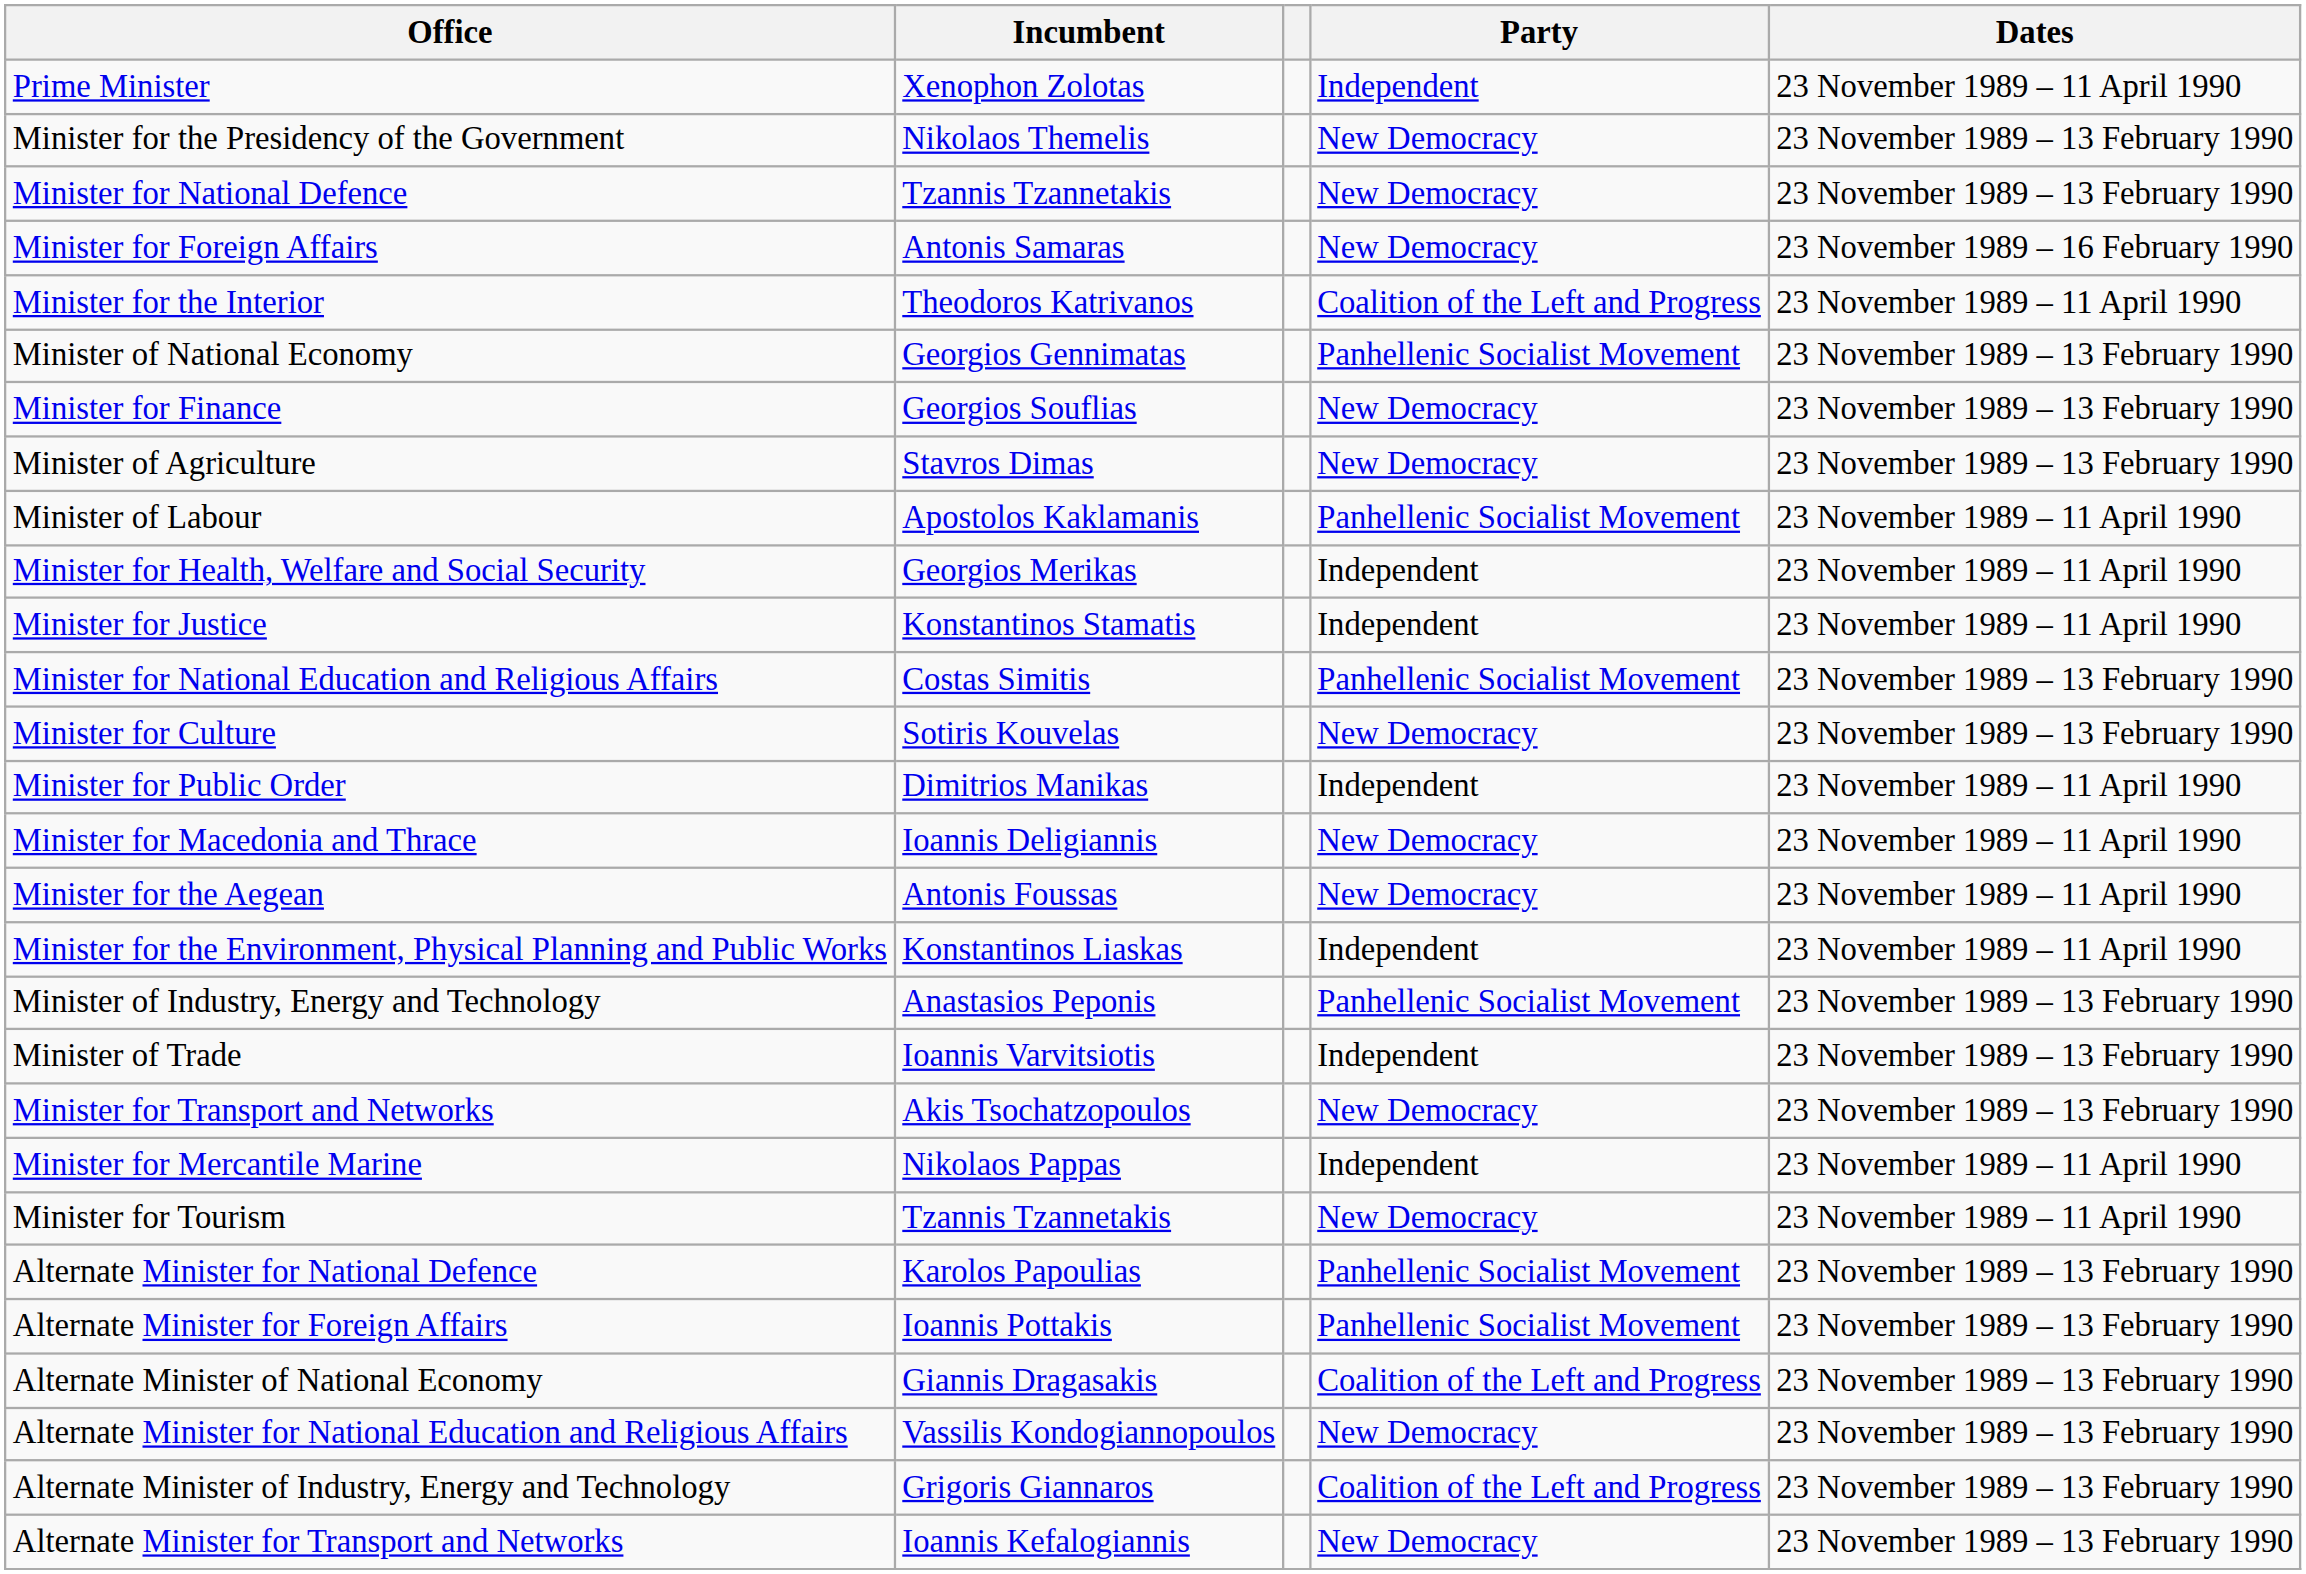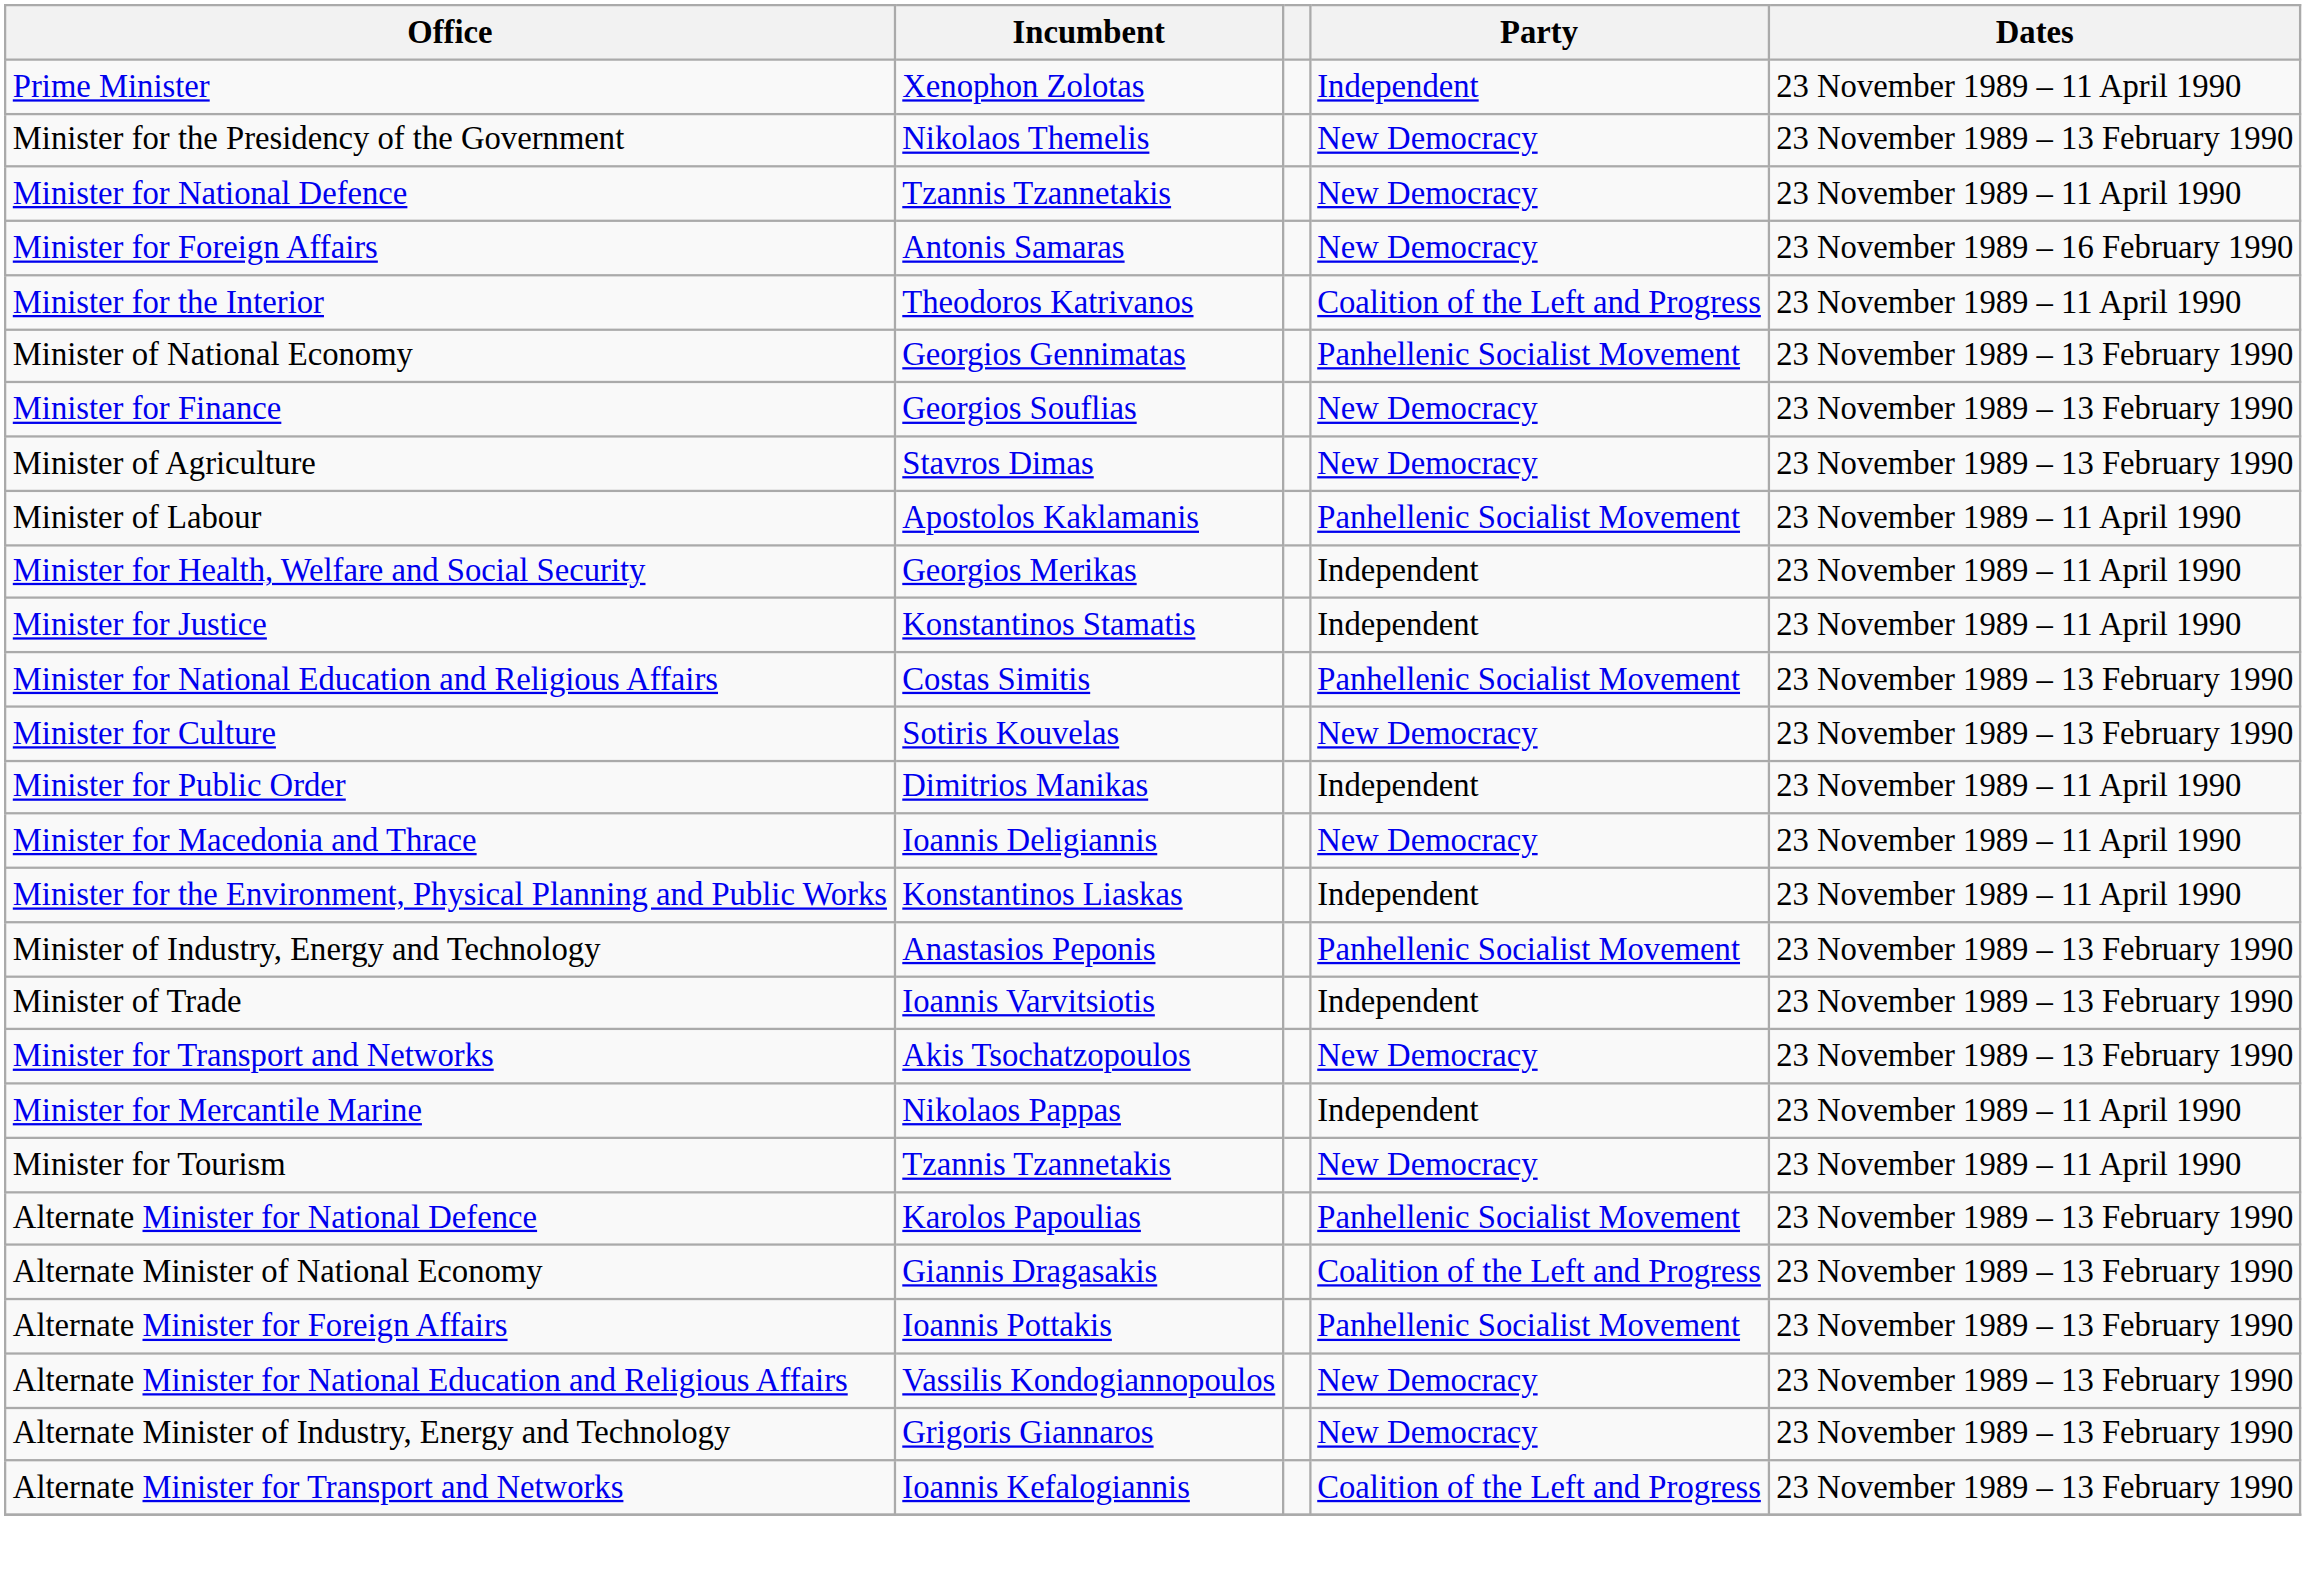 <table class="wikitable" style="font-size: 90%;">
 <tr>
 <th>Office</th>
 <th>Incumbent</th>
 <th></th>
 <th>Party</th>
 <th>Dates</th>
 </tr>
 <tr>
 <td><a href='#'>Prime Minister</a></td>
 <td><a href='#'>Xenophon Zolotas</a></td>
 <td width=5px style="background-color: "></td>
 <td><a href='#'>Independent</a></td>
 <td>23 November 1989 – 11 April 1990</td>
 </tr>
 <tr>
 <td>Minister for the Presidency of the Government</td>
 <td><a href='#'>Nikolaos Themelis</a></td>
 <td style="background-color: "></td>
 <td><a href='#'>New Democracy</a></td>
 <td>23 November 1989 – 13 February 1990</td>
 </tr>
 <tr>
 <td><a href='#'>Minister for National Defence</a></td>
 <td><a href='#'>Tzannis Tzannetakis</a></td>
 <td style="background-color: "></td>
 <td><a href='#'>New Democracy</a></td>
-<td>23 November 1989 – 13 February 1990</td>
+<td>23 November 1989 – 11 April 1990</td>
 </tr>
 <tr>
 <td><a href='#'>Minister for Foreign Affairs</a></td>
 <td><a href='#'>Antonis Samaras</a></td>
 <td style="background-color: "></td>
 <td><a href='#'>New Democracy</a></td>
 <td>23 November 1989 – 16 February 1990</td>
 </tr>
 <tr>
 <td><a href='#'>Minister for the Interior</a></td>
 <td><a href='#'>Theodoros Katrivanos</a></td>
 <td style="background-color: "></td>
 <td><a href='#'>Coalition of the Left and Progress</a></td>
 <td>23 November 1989 – 11 April 1990</td>
 </tr>
 <tr>
 <td>Minister of National Economy</td>
 <td><a href='#'>Georgios Gennimatas</a></td>
 <td style="background-color: "></td>
 <td><a href='#'>Panhellenic Socialist Movement</a></td>
 <td>23 November 1989 – 13 February 1990</td>
 </tr>
 <tr>
 <td><a href='#'>Minister for Finance</a></td>
 <td><a href='#'>Georgios Souflias</a></td>
 <td style="background-color: "></td>
 <td><a href='#'>New Democracy</a></td>
 <td>23 November 1989 – 13 February 1990</td>
 </tr>
 <tr>
 <td>Minister of Agriculture</td>
 <td><a href='#'>Stavros Dimas</a></td>
 <td style="background-color: "></td>
 <td><a href='#'>New Democracy</a></td>
 <td>23 November 1989 – 13 February 1990</td>
 </tr>
 <tr>
 <td>Minister of Labour</td>
 <td><a href='#'>Apostolos Kaklamanis</a></td>
 <td style="background-color: "></td>
 <td><a href='#'>Panhellenic Socialist Movement</a></td>
 <td>23 November 1989 – 11 April 1990</td>
 </tr>
 <tr>
 <td><a href='#'>Minister for Health, Welfare and Social Security</a></td>
 <td><a href='#'>Georgios Merikas</a></td>
 <td style="background-color: "></td>
 <td>Independent</td>
 <td>23 November 1989 – 11 April 1990</td>
 </tr>
 <tr>
 <td><a href='#'>Minister for Justice</a></td>
 <td><a href='#'>Konstantinos Stamatis</a></td>
 <td style="background-color: "></td>
 <td>Independent</td>
 <td>23 November 1989 – 11 April 1990</td>
 </tr>
 <tr>
 <td><a href='#'>Minister for National Education and Religious Affairs</a></td>
 <td><a href='#'>Costas Simitis</a></td>
 <td style="background-color: "></td>
 <td><a href='#'>Panhellenic Socialist Movement</a></td>
 <td>23 November 1989 – 13 February 1990</td>
 </tr>
 <tr>
 <td><a href='#'>Minister for Culture</a></td>
 <td><a href='#'>Sotiris Kouvelas</a></td>
 <td style="background-color: "></td>
 <td><a href='#'>New Democracy</a></td>
 <td>23 November 1989 – 13 February 1990</td>
 </tr>
 <tr>
 <td><a href='#'>Minister for Public Order</a></td>
 <td><a href='#'>Dimitrios Manikas</a></td>
 <td style="background-color: "></td>
 <td>Independent</td>
 <td>23 November 1989 – 11 April 1990</td>
 </tr>
 <tr>
 <td><a href='#'>Minister for Macedonia and Thrace</a></td>
 <td><a href='#'>Ioannis Deligiannis</a></td>
 <td style="background-color: "></td>
 <td><a href='#'>New Democracy</a></td>
 <td>23 November 1989 – 11 April 1990</td>
 </tr>
 <tr>
-<td><a href='#'>Minister for the Aegean</a></td>
-<td><a href='#'>Antonis Foussas</a></td>
-<td style="background-color: "></td>
-<td><a href='#'>New Democracy</a></td>
-<td>23 November 1989 – 11 April 1990</td>
-</tr>
-<tr>
 <td><a href='#'>Minister for the Environment, Physical Planning and Public Works</a></td>
 <td><a href='#'>Konstantinos Liaskas</a></td>
 <td style="background-color: "></td>
 <td>Independent</td>
 <td>23 November 1989 – 11 April 1990</td>
 </tr>
 <tr>
 <td>Minister of Industry, Energy and Technology</td>
 <td><a href='#'>Anastasios Peponis</a></td>
 <td style="background-color: "></td>
 <td><a href='#'>Panhellenic Socialist Movement</a></td>
 <td>23 November 1989 – 13 February 1990</td>
 </tr>
 <tr>
 <td>Minister of Trade</td>
 <td><a href='#'>Ioannis Varvitsiotis</a></td>
 <td style="background-color: "></td>
 <td>Independent</td>
 <td>23 November 1989 – 13 February 1990</td>
 </tr>
 <tr>
 <td><a href='#'>Minister for Transport and Networks</a></td>
 <td><a href='#'>Akis Tsochatzopoulos</a></td>
 <td style="background-color: "></td>
 <td><a href='#'>New Democracy</a></td>
 <td>23 November 1989 – 13 February 1990</td>
 </tr>
 <tr>
 <td><a href='#'>Minister for Mercantile Marine</a></td>
 <td><a href='#'>Nikolaos Pappas</a></td>
 <td style="background-color: "></td>
 <td>Independent</td>
 <td>23 November 1989 – 11 April 1990</td>
 </tr>
 <tr>
 <td>Minister for Tourism</td>
 <td><a href='#'>Tzannis Tzannetakis</a></td>
 <td style="background-color: "></td>
 <td><a href='#'>New Democracy</a></td>
 <td>23 November 1989 – 11 April 1990</td>
 </tr>
 <tr>
 <td>Alternate <a href='#'>Minister for National Defence</a></td>
 <td><a href='#'>Karolos Papoulias</a></td>
 <td style="background-color: "></td>
 <td><a href='#'>Panhellenic Socialist Movement</a></td>
 <td>23 November 1989 – 13 February 1990</td>
 </tr>
 <tr>
+<td>Alternate Minister of National Economy</td>
+<td><a href='#'>Giannis Dragasakis</a></td>
+<td style="background-color: "></td>
+<td><a href='#'>Coalition of the Left and Progress</a></td>
+<td>23 November 1989 – 13 February 1990</td>
+</tr>
+<tr>
 <td>Alternate <a href='#'>Minister for Foreign Affairs</a></td>
 <td><a href='#'>Ioannis Pottakis</a></td>
 <td style="background-color: "></td>
 <td><a href='#'>Panhellenic Socialist Movement</a></td>
-<td>23 November 1989 – 13 February 1990</td>
-</tr>
-<tr>
-<td>Alternate Minister of National Economy</td>
-<td><a href='#'>Giannis Dragasakis</a></td>
-<td style="background-color: "></td>
-<td><a href='#'>Coalition of the Left and Progress</a></td>
 <td>23 November 1989 – 13 February 1990</td>
 </tr>
 <tr>
 <td>Alternate <a href='#'>Minister for National Education and Religious Affairs</a></td>
 <td><a href='#'>Vassilis Kondogiannopoulos</a></td>
 <td style="background-color: "></td>
 <td><a href='#'>New Democracy</a></td>
 <td>23 November 1989 – 13 February 1990</td>
 </tr>
 <tr>
 <td>Alternate Minister of Industry, Energy and Technology</td>
 <td><a href='#'>Grigoris Giannaros</a></td>
 <td style="background-color: "></td>
-<td><a href='#'>Coalition of the Left and Progress</a></td>
+<td><a href='#'>New Democracy</a></td>
 <td>23 November 1989 – 13 February 1990</td>
 </tr>
 <tr>
 <td>Alternate <a href='#'>Minister for Transport and Networks</a></td>
 <td><a href='#'>Ioannis Kefalogiannis</a></td>
 <td style="background-color: "></td>
-<td><a href='#'>New Democracy</a></td>
+<td><a href='#'>Coalition of the Left and Progress</a></td>
 <td>23 November 1989 – 13 February 1990</td>
 </tr>
 <tr>
 </tr>
 </table>
